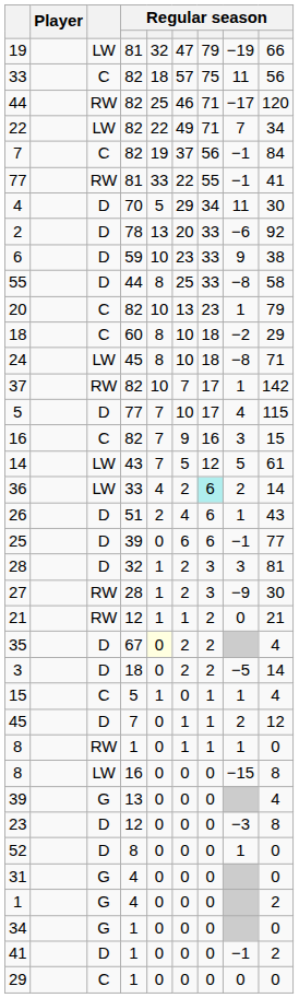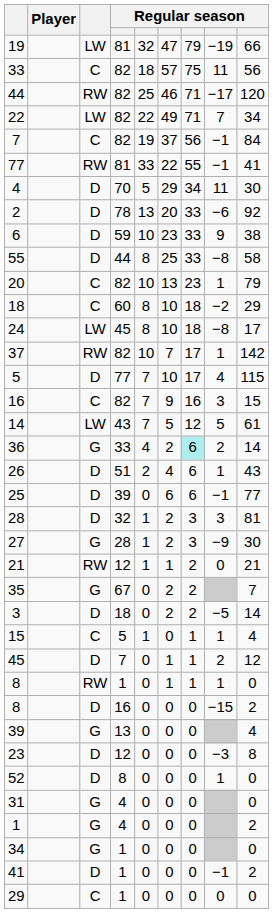 <table class="wikitable sortable plainrowheaders" style="text-align:center;">
 <tr>
 <th scope="col" data-sort-type="number" rowspan="2"></th>
 <th scope="col" rowspan="2">Player</th>
 <th scope="col" rowspan="2"></th>
 <th scope=colgroup colspan=6>Regular season</th>
 </tr>
 <tr>
 <th scope="col" data-sort-type="number"></th>
 <th scope="col" data-sort-type="number"></th>
 <th scope="col" data-sort-type="number"></th>
 <th scope="col" data-sort-type="number"></th>
 <th scope="col" data-sort-type="number"></th>
 <th scope="col" data-sort-type="number"></th>
 </tr>
 <tr>
 <td scope="row">19</td>
 <td align="left"></td>
 <td>LW</td>
 <td>81</td>
 <td>32</td>
 <td>47</td>
 <td>79</td>
 <td>−19</td>
 <td>66</td>
 </tr>
 <tr>
 <td scope="row">33</td>
 <td align="left"></td>
 <td>C</td>
 <td>82</td>
 <td>18</td>
 <td>57</td>
 <td>75</td>
 <td>11</td>
 <td>56</td>
 </tr>
 <tr>
 <td scope="row">44</td>
 <td align="left"></td>
 <td>RW</td>
 <td>82</td>
 <td>25</td>
 <td>46</td>
 <td>71</td>
 <td>−17</td>
 <td>120</td>
 </tr>
 <tr>
 <td scope="row">22</td>
 <td align="left"></td>
 <td>LW</td>
 <td>82</td>
 <td>22</td>
 <td>49</td>
 <td>71</td>
 <td>7</td>
 <td>34</td>
 </tr>
 <tr>
 <td scope="row">7</td>
 <td align="left"></td>
 <td>C</td>
 <td>82</td>
 <td>19</td>
 <td>37</td>
 <td>56</td>
 <td>−1</td>
 <td>84</td>
 </tr>
 <tr>
 <td scope="row">77</td>
 <td align="left"></td>
 <td>RW</td>
 <td>81</td>
 <td>33</td>
 <td>22</td>
 <td>55</td>
 <td>−1</td>
 <td>41</td>
 </tr>
 <tr>
 <td scope="row">4</td>
 <td align="left"></td>
 <td>D</td>
 <td>70</td>
 <td>5</td>
 <td>29</td>
 <td>34</td>
 <td>11</td>
 <td>30</td>
 </tr>
 <tr>
 <td scope="row">2</td>
 <td align="left"></td>
 <td>D</td>
 <td>78</td>
 <td>13</td>
 <td>20</td>
 <td>33</td>
 <td>−6</td>
 <td>92</td>
 </tr>
 <tr>
 <td scope="row">6</td>
 <td align="left"></td>
 <td>D</td>
 <td>59</td>
 <td>10</td>
 <td>23</td>
 <td>33</td>
 <td>9</td>
 <td>38</td>
 </tr>
 <tr>
 <td scope="row">55</td>
 <td align="left"></td>
 <td>D</td>
 <td>44</td>
 <td>8</td>
 <td>25</td>
 <td>33</td>
 <td>−8</td>
 <td>58</td>
 </tr>
 <tr>
 <td scope="row">20</td>
 <td align="left"></td>
 <td>C</td>
 <td>82</td>
 <td>10</td>
 <td>13</td>
 <td>23</td>
 <td>1</td>
 <td>79</td>
 </tr>
 <tr>
 <td scope="row">18</td>
 <td align="left"></td>
 <td>C</td>
 <td>60</td>
 <td>8</td>
 <td>10</td>
 <td>18</td>
 <td>−2</td>
 <td>29</td>
 </tr>
 <tr>
 <td scope="row">24</td>
 <td align="left"></td>
 <td>LW</td>
 <td>45</td>
 <td>8</td>
 <td>10</td>
 <td>18</td>
 <td>−8</td>
-<td>71</td>
+<td>17</td>
 </tr>
 <tr>
 <td scope="row">37</td>
 <td align="left"></td>
 <td>RW</td>
 <td>82</td>
 <td>10</td>
 <td>7</td>
 <td>17</td>
 <td>1</td>
 <td>142</td>
 </tr>
 <tr>
 <td scope="row">5</td>
 <td align="left"></td>
 <td>D</td>
 <td>77</td>
 <td>7</td>
 <td>10</td>
 <td>17</td>
 <td>4</td>
 <td>115</td>
 </tr>
 <tr>
 <td scope="row">16</td>
 <td align="left"></td>
 <td>C</td>
 <td>82</td>
 <td>7</td>
 <td>9</td>
 <td>16</td>
 <td>3</td>
 <td>15</td>
 </tr>
 <tr>
 <td scope="row">14</td>
 <td align="left"></td>
 <td>LW</td>
 <td>43</td>
 <td>7</td>
 <td>5</td>
 <td>12</td>
 <td>5</td>
 <td>61</td>
 </tr>
 <tr>
 <td scope="row">36</td>
 <td align="left"></td>
-<td>LW</td>
+<td>G</td>
 <td>33</td>
 <td>4</td>
 <td>2</td>
 <td style="background: paleturquoise;">6</td>
 <td>2</td>
 <td>14</td>
 </tr>
 <tr>
 <td scope="row">26</td>
 <td align="left"></td>
 <td>D</td>
 <td>51</td>
 <td>2</td>
 <td>4</td>
 <td>6</td>
 <td>1</td>
 <td>43</td>
 </tr>
 <tr>
 <td scope="row">25</td>
 <td align="left"></td>
 <td>D</td>
 <td>39</td>
 <td>0</td>
 <td>6</td>
 <td>6</td>
 <td>−1</td>
 <td>77</td>
 </tr>
 <tr>
 <td scope="row">28</td>
 <td align="left"></td>
 <td>D</td>
 <td>32</td>
 <td>1</td>
 <td>2</td>
 <td>3</td>
 <td>3</td>
 <td>81</td>
 </tr>
 <tr>
 <td scope="row">27</td>
 <td align="left"></td>
-<td>RW</td>
+<td>G</td>
 <td>28</td>
 <td>1</td>
 <td>2</td>
 <td>3</td>
 <td>−9</td>
 <td>30</td>
 </tr>
 <tr>
 <td scope="row">21</td>
 <td align="left"></td>
 <td>RW</td>
 <td>12</td>
 <td>1</td>
 <td>1</td>
 <td>2</td>
 <td>0</td>
 <td>21</td>
 </tr>
 <tr>
 <td scope="row">35</td>
 <td align="left"></td>
-<td>D</td>
+<td>G</td>
 <td>67</td>
-<td style="background: lightyellow;">0</td>
+<td>0</td>
 <td>2</td>
 <td>2</td>
 <td style="background:#ccc"></td>
-<td>4</td>
+<td>7</td>
 </tr>
 <tr>
 <td scope="row">3</td>
 <td align="left"></td>
 <td>D</td>
 <td>18</td>
 <td>0</td>
 <td>2</td>
 <td>2</td>
 <td>−5</td>
 <td>14</td>
 </tr>
 <tr>
 <td scope="row">15</td>
 <td align="left"></td>
 <td>C</td>
 <td>5</td>
 <td>1</td>
 <td>0</td>
 <td>1</td>
 <td>1</td>
 <td>4</td>
 </tr>
 <tr>
 <td scope="row">45</td>
 <td align="left"></td>
 <td>D</td>
 <td>7</td>
 <td>0</td>
 <td>1</td>
 <td>1</td>
 <td>2</td>
 <td>12</td>
 </tr>
 <tr>
 <td scope="row">8</td>
 <td align="left"></td>
 <td>RW</td>
 <td>1</td>
 <td>0</td>
 <td>1</td>
 <td>1</td>
 <td>1</td>
 <td>0</td>
 </tr>
 <tr>
 <td scope="row">8</td>
 <td align="left"></td>
-<td>LW</td>
+<td>D</td>
 <td>16</td>
 <td>0</td>
 <td>0</td>
 <td>0</td>
 <td>−15</td>
-<td>8</td>
+<td>2</td>
 </tr>
 <tr>
 <td scope="row">39</td>
 <td align="left"></td>
 <td>G</td>
 <td>13</td>
 <td>0</td>
 <td>0</td>
 <td>0</td>
 <td style="background:#ccc"></td>
 <td>4</td>
 </tr>
 <tr>
 <td scope="row">23</td>
 <td align="left"></td>
 <td>D</td>
 <td>12</td>
 <td>0</td>
 <td>0</td>
 <td>0</td>
 <td>−3</td>
 <td>8</td>
 </tr>
 <tr>
 <td scope="row">52</td>
 <td align="left"></td>
 <td>D</td>
 <td>8</td>
 <td>0</td>
 <td>0</td>
 <td>0</td>
 <td>1</td>
 <td>0</td>
 </tr>
 <tr>
 <td scope="row">31</td>
 <td align="left"></td>
 <td>G</td>
 <td>4</td>
 <td>0</td>
 <td>0</td>
 <td>0</td>
 <td style="background:#ccc"></td>
 <td>0</td>
 </tr>
 <tr>
 <td scope="row">1</td>
 <td align="left"></td>
 <td>G</td>
 <td>4</td>
 <td>0</td>
 <td>0</td>
 <td>0</td>
 <td style="background:#ccc"></td>
 <td>2</td>
 </tr>
 <tr>
 <td scope="row">34</td>
 <td align="left"></td>
 <td>G</td>
 <td>1</td>
 <td>0</td>
 <td>0</td>
 <td>0</td>
 <td style="background:#ccc"></td>
 <td>0</td>
 </tr>
 <tr>
 <td scope="row">41</td>
 <td align="left"></td>
 <td>D</td>
 <td>1</td>
 <td>0</td>
 <td>0</td>
 <td>0</td>
 <td>−1</td>
 <td>2</td>
 </tr>
 <tr>
 <td scope="row">29</td>
 <td align="left"></td>
 <td>C</td>
 <td>1</td>
 <td>0</td>
 <td>0</td>
 <td>0</td>
 <td>0</td>
 <td>0</td>
 </tr>
 </table>
